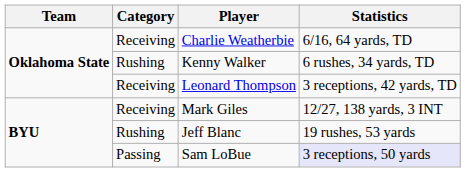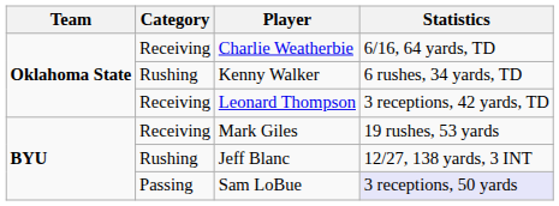 <table class="wikitable" style="float: right;">
 <tr>
 <th>Team</th>
 <th>Category</th>
 <th>Player</th>
 <th>Statistics</th>
 </tr>
 <tr>
 <td rowspan=3><strong>Oklahoma State</strong></td>
 <td>Receiving</td>
 <td><a href='#'>Charlie Weatherbie</a></td>
 <td>6/16, 64 yards, TD</td>
 </tr>
 <tr>
 <td>Rushing</td>
 <td>Kenny Walker</td>
 <td>6 rushes, 34 yards, TD</td>
 </tr>
 <tr>
 <td>Receiving</td>
 <td><a href='#'>Leonard Thompson</a></td>
 <td>3 receptions, 42 yards, TD</td>
 </tr>
 <tr>
 <td rowspan=3><strong>BYU</strong></td>
 <td>Receiving</td>
 <td>Mark Giles</td>
-<td>12/27, 138 yards, 3 INT</td>
+<td>19 rushes, 53 yards</td>
 </tr>
 <tr>
 <td>Rushing</td>
 <td>Jeff Blanc</td>
-<td>19 rushes, 53 yards</td>
+<td>12/27, 138 yards, 3 INT</td>
 </tr>
 <tr>
 <td>Passing</td>
 <td>Sam LoBue</td>
 <td style="background: lavender;">3 receptions, 50 yards</td>
 </tr>
 </table>
